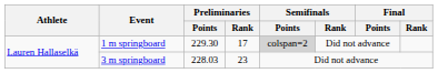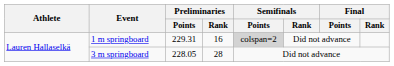 <table class="wikitable" style="text-align:center; font-size:90%; width:50%;">
 <tr>
 <th rowspan=2>Athlete</th>
 <th rowspan=2>Event</th>
 <th colspan=2>Preliminaries</th>
 <th colspan=2>Semifinals</th>
 <th colspan=2>Final</th>
 </tr>
 <tr style="font-size:95%">
 <th>Points</th>
 <th>Rank</th>
 <th>Points</th>
 <th>Rank</th>
 <th>Points</th>
 <th>Rank</th>
 </tr>
 <tr>
 <td align=left rowspan=2><a href='#'>Lauren Hallaselkä</a></td>
 <td align=left><a href='#'>1 m springboard</a></td>
-<td>229.30</td>
-<td>17</td>
+<td>229.31</td>
+<td>16</td>
 <td style="background: lightgrey;">colspan=2 </td>
 <td colspan=2>Did not advance</td>
 </tr>
 <tr>
 <td align=left><a href='#'>3 m springboard</a></td>
-<td>228.03</td>
-<td>23</td>
+<td>228.05</td>
+<td>28</td>
 <td colspan=4>Did not advance</td>
 </tr>
 </table>
